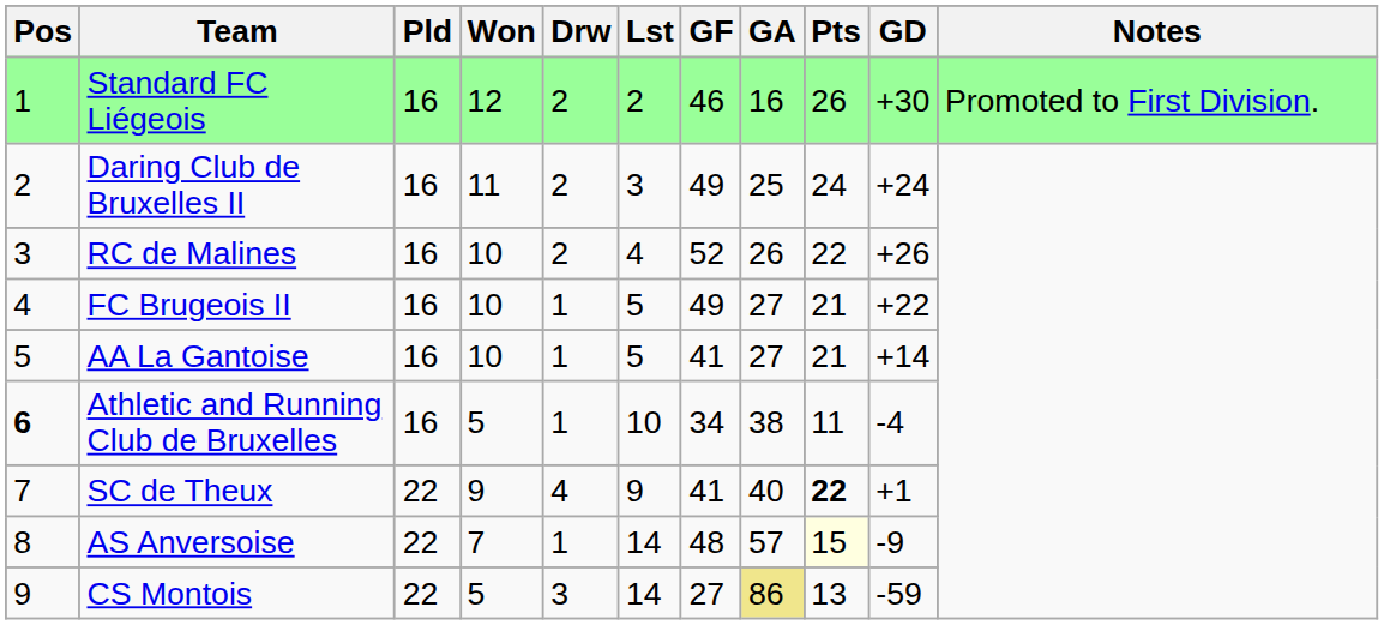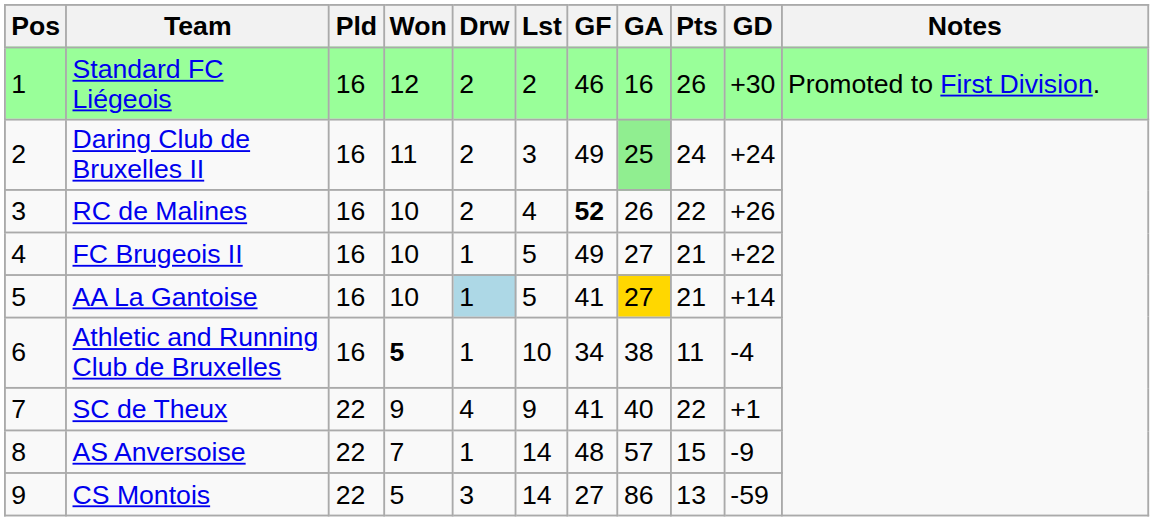 <table class="wikitable" width=70% style="font-size:90%">
 <tr>
 <th width=4%><strong>Pos</strong></th>
 <th width=26%><strong>Team</strong></th>
 <th width=4%><strong>Pld</strong></th>
 <th width=4%><strong>Won</strong></th>
 <th width=4%><strong>Drw</strong></th>
 <th width=4%><strong>Lst</strong></th>
 <th width=4%><strong>GF</strong></th>
 <th width=4%><strong>GA</strong></th>
 <th width=4%><strong>Pts</strong></th>
 <th width=4%><strong>GD</strong></th>
 <th width=38%><strong>Notes</strong></th>
 </tr>
 <tr bgcolor=#99ff99>
 <td>1</td>
 <td><a href='#'>Standard FC Liégeois</a></td>
 <td>16</td>
 <td>12</td>
 <td>2</td>
 <td>2</td>
 <td>46</td>
 <td>16</td>
 <td>26</td>
 <td>+30</td>
 <td>Promoted to <a href='#'>First Division</a>.</td>
 </tr>
 <tr>
 <td>2</td>
 <td><a href='#'>Daring Club de Bruxelles II</a></td>
 <td>16</td>
 <td>11</td>
 <td>2</td>
 <td>3</td>
 <td>49</td>
-<td>25</td>
+<td style="background: lightgreen;">25</td>
 <td>24</td>
 <td>+24</td>
 </tr>
 <tr>
 <td>3</td>
 <td><a href='#'>RC de Malines</a></td>
 <td>16</td>
 <td>10</td>
 <td>2</td>
 <td>4</td>
-<td>52</td>
+<td><strong>52</strong></td>
 <td>26</td>
 <td>22</td>
 <td>+26</td>
 </tr>
 <tr>
 <td>4</td>
 <td><a href='#'>FC Brugeois II</a></td>
 <td>16</td>
 <td>10</td>
 <td>1</td>
 <td>5</td>
 <td>49</td>
 <td>27</td>
 <td>21</td>
 <td>+22</td>
 </tr>
 <tr>
 <td>5</td>
 <td><a href='#'>AA La Gantoise</a></td>
 <td>16</td>
 <td>10</td>
-<td>1</td>
+<td style="background: lightblue;">1</td>
 <td>5</td>
 <td>41</td>
-<td>27</td>
+<td style="background: gold;">27</td>
 <td>21</td>
 <td>+14</td>
 </tr>
 <tr>
-<td><strong>6</strong></td>
+<td>6</td>
 <td><a href='#'>Athletic and Running Club de Bruxelles</a></td>
 <td>16</td>
-<td>5</td>
+<td><strong>5</strong></td>
 <td>1</td>
 <td>10</td>
 <td>34</td>
 <td>38</td>
 <td>11</td>
 <td>-4</td>
 </tr>
 <tr>
 <td>7</td>
 <td><a href='#'>SC de Theux</a></td>
 <td>22</td>
 <td>9</td>
 <td>4</td>
 <td>9</td>
 <td>41</td>
 <td>40</td>
-<td><strong>22</strong></td>
+<td>22</td>
 <td>+1</td>
 </tr>
 <tr>
 <td>8</td>
 <td><a href='#'>AS Anversoise</a></td>
 <td>22</td>
 <td>7</td>
 <td>1</td>
 <td>14</td>
 <td>48</td>
 <td>57</td>
-<td style="background: lightyellow;">15</td>
+<td>15</td>
 <td>-9</td>
 </tr>
 <tr>
 <td>9</td>
 <td><a href='#'>CS Montois</a></td>
 <td>22</td>
 <td>5</td>
 <td>3</td>
 <td>14</td>
 <td>27</td>
-<td style="background: khaki;">86</td>
+<td>86</td>
 <td>13</td>
 <td>-59</td>
 </tr>
 </table>
